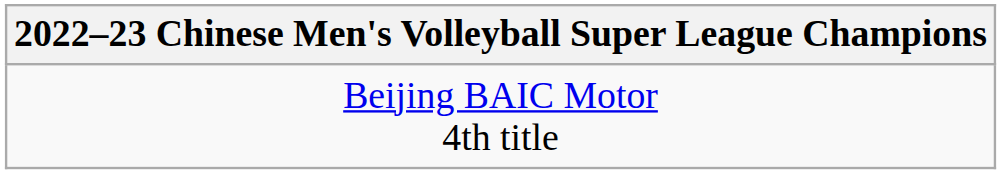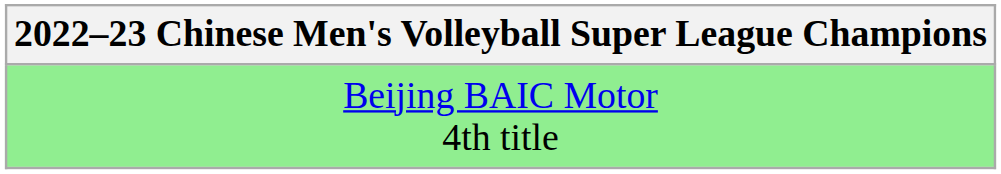 <table class="wikitable" style="text-align:center; margin:auto">
 <tr>
 <th>2022–23 Chinese Men's Volleyball Super League Champions</th>
 </tr>
 <tr>
-<td><a href='#'>Beijing BAIC Motor</a><br>4th title</td>
+<td style="background: lightgreen;"><a href='#'>Beijing BAIC Motor</a><br>4th title</td>
 </tr>
 </table>
